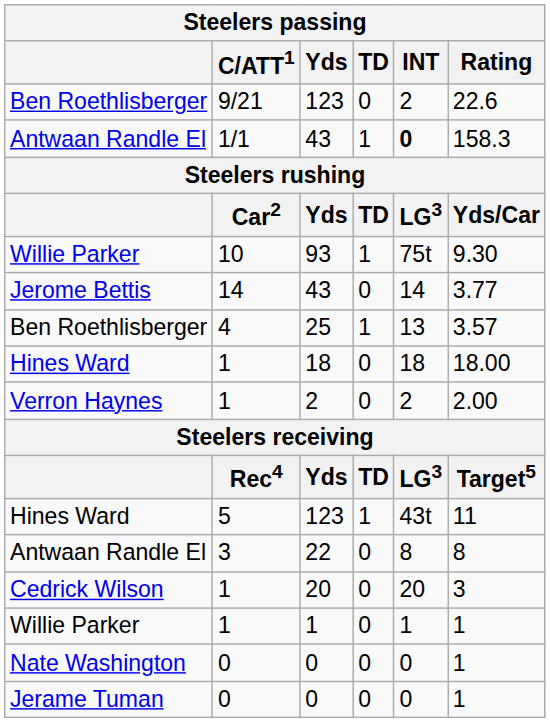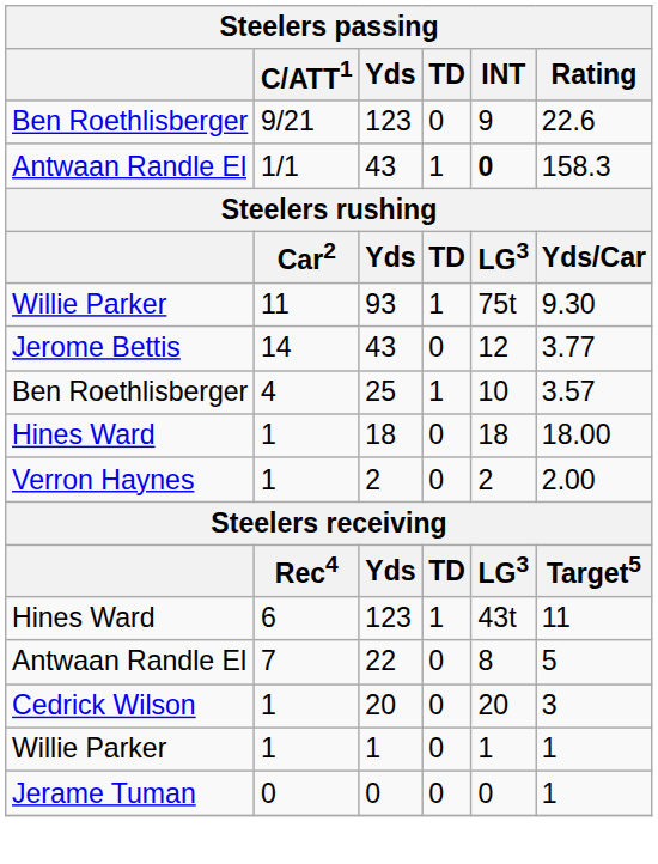 <table class="wikitable">
 <tr>
 <th colspan="6">Steelers passing</th>
 </tr>
 <tr>
 <th></th>
 <th>C/ATT<sup>1</sup></th>
 <th>Yds</th>
 <th>TD</th>
 <th>INT</th>
 <th>Rating</th>
 </tr>
 <tr>
 <td><a href='#'>Ben Roethlisberger</a></td>
 <td>9/21</td>
 <td>123</td>
 <td>0</td>
-<td>2</td>
+<td>9</td>
 <td>22.6</td>
 </tr>
 <tr>
 <td><a href='#'>Antwaan Randle El</a></td>
 <td>1/1</td>
 <td>43</td>
 <td>1</td>
 <td><strong>0</strong></td>
 <td>158.3</td>
 </tr>
 <tr>
 <th colspan="6">Steelers rushing</th>
 </tr>
 <tr>
 <th></th>
 <th>Car<sup>2</sup></th>
 <th>Yds</th>
 <th>TD</th>
 <th>LG<sup>3</sup></th>
 <th>Yds/Car</th>
 </tr>
 <tr>
 <td><a href='#'>Willie Parker</a></td>
-<td>10</td>
+<td>11</td>
 <td>93</td>
 <td>1</td>
 <td>75t</td>
 <td>9.30</td>
 </tr>
 <tr>
 <td><a href='#'>Jerome Bettis</a></td>
 <td>14</td>
 <td>43</td>
 <td>0</td>
-<td>14</td>
+<td>12</td>
 <td>3.77</td>
 </tr>
 <tr>
 <td>Ben Roethlisberger</td>
 <td>4</td>
 <td>25</td>
 <td>1</td>
-<td>13</td>
+<td>10</td>
 <td>3.57</td>
 </tr>
 <tr>
 <td><a href='#'>Hines Ward</a></td>
 <td>1</td>
 <td>18</td>
 <td>0</td>
 <td>18</td>
 <td>18.00</td>
 </tr>
 <tr>
 <td><a href='#'>Verron Haynes</a></td>
 <td>1</td>
 <td>2</td>
 <td>0</td>
 <td>2</td>
 <td>2.00</td>
 </tr>
 <tr>
 <th colspan="6">Steelers receiving</th>
 </tr>
 <tr>
 <th></th>
 <th>Rec<sup>4</sup></th>
 <th>Yds</th>
 <th>TD</th>
 <th>LG<sup>3</sup></th>
 <th>Target<sup>5</sup></th>
 </tr>
 <tr>
 <td>Hines Ward</td>
-<td>5</td>
+<td>6</td>
 <td>123</td>
 <td>1</td>
 <td>43t</td>
 <td>11</td>
 </tr>
 <tr>
 <td>Antwaan Randle El</td>
-<td>3</td>
+<td>7</td>
 <td>22</td>
 <td>0</td>
 <td>8</td>
-<td>8</td>
+<td>5</td>
 </tr>
 <tr>
 <td><a href='#'>Cedrick Wilson</a></td>
 <td>1</td>
 <td>20</td>
 <td>0</td>
 <td>20</td>
 <td>3</td>
 </tr>
 <tr>
 <td>Willie Parker</td>
 <td>1</td>
 <td>1</td>
 <td>0</td>
 <td>1</td>
 <td>1</td>
 </tr>
 <tr>
-<td><a href='#'>Nate Washington</a></td>
-<td>0</td>
-<td>0</td>
-<td>0</td>
-<td>0</td>
-<td>1</td>
-</tr>
-<tr>
 <td><a href='#'>Jerame Tuman</a></td>
 <td>0</td>
 <td>0</td>
 <td>0</td>
 <td>0</td>
 <td>1</td>
 </tr>
 <tr>
 </tr>
 </table>
